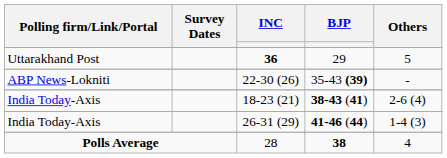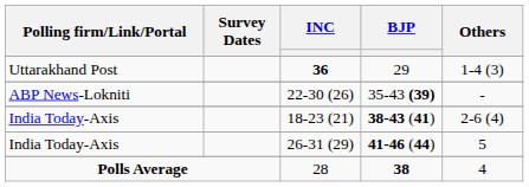 <table class="wikitable collapsible">
 <tr style="height:45px; background-color:#E9E9E9">
 <th style="width:195px;" rowspan="2">Polling firm/Link/Portal</th>
 <th style="width:70px;" rowspan="2">Survey Dates</th>
 <th style="width:75px;"><a href='#'>INC</a></th>
 <th style="width:75px;"><a href='#'>BJP</a></th>
 <th style="width:75px;" rowspan="2">Others</th>
 </tr>
 <tr>
 <th style="color:inherit;background:"></th>
 <th style="color:inherit;background:"></th>
 </tr>
 <tr style="text-align:center">
 </tr>
 <tr>
 </tr>
 <tr style="text-align:center">
 <td style="text-align:left;">Uttarakhand Post </td>
 <td></td>
 <td><strong>36</strong></td>
 <td>29</td>
-<td>5</td>
+<td>1-4 (3)</td>
 </tr>
 <tr>
 </tr>
 <tr style="text-align:center">
 <td style="text-align:left;"><a href='#'>ABP News</a>-Lokniti</td>
 <td></td>
 <td>22-30 (26)</td>
 <td>35-43 <strong>(39)</strong></td>
 <td>-</td>
 </tr>
 <tr>
 </tr>
 <tr style="text-align:center">
 <td style="text-align:left;"><a href='#'>India Today</a>-Axis</td>
 <td></td>
 <td>18-23 (21)</td>
 <td><strong>38-43</strong> (<strong>41</strong>)</td>
 <td>2-6 (4)</td>
 </tr>
 <tr>
 </tr>
 <tr style="text-align:center">
 <td style="text-align:left;">India Today-Axis</td>
 <td></td>
 <td>26-31 (29)</td>
 <td><strong>41-46</strong> (<strong>44</strong>)</td>
-<td>1-4 (3)</td>
+<td>5</td>
 </tr>
 <tr>
 </tr>
 <tr style="text-align:center">
 <td colspan="2"><strong>Polls Average</strong></td>
 <td>28</td>
 <td><strong>38</strong></td>
 <td>4</td>
 </tr>
 </table>
